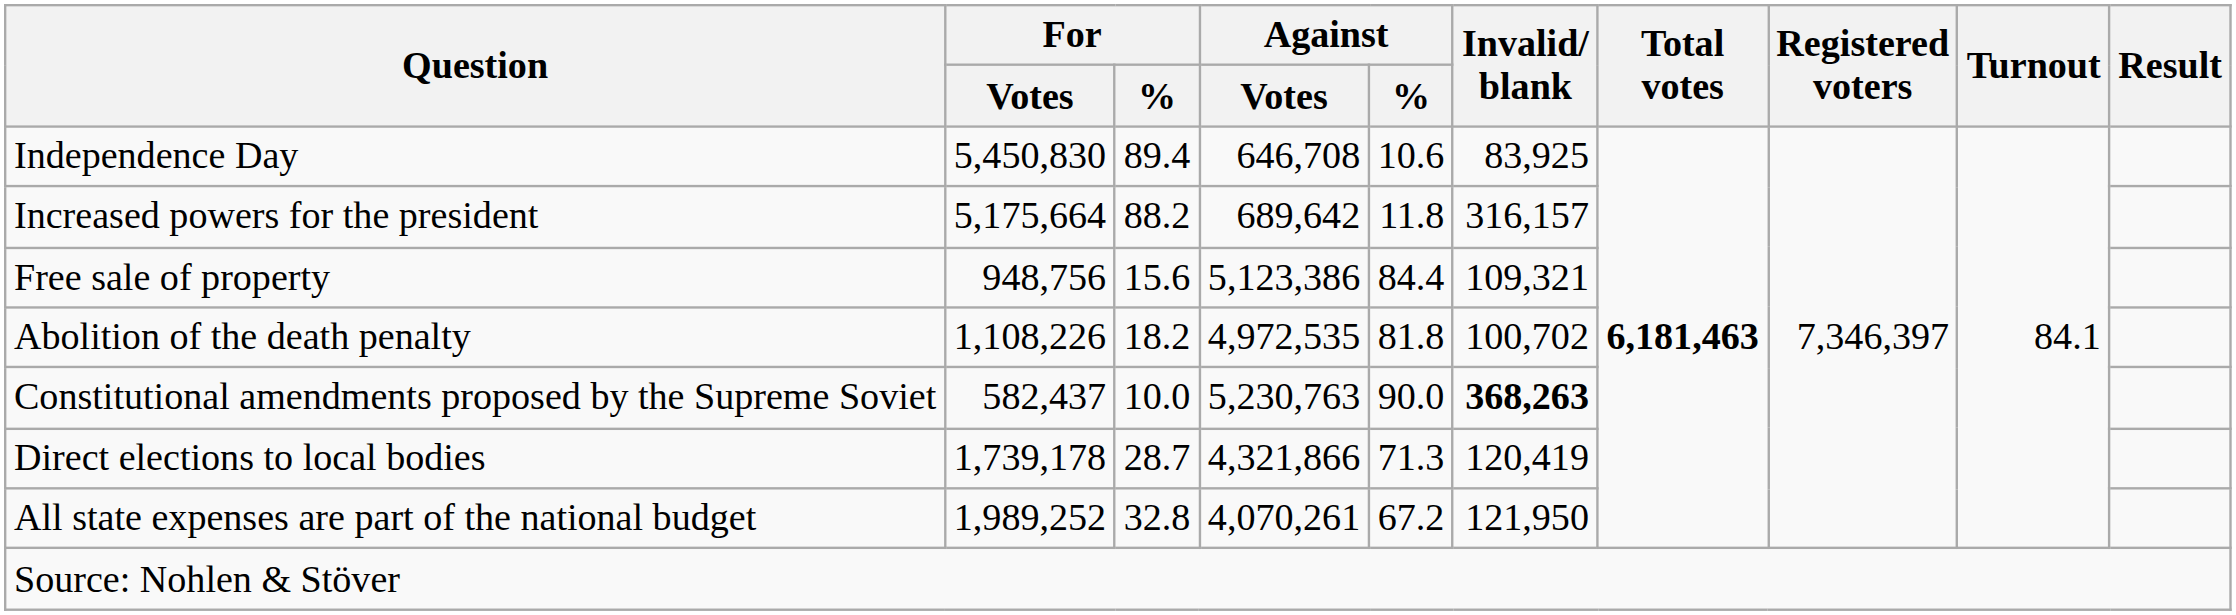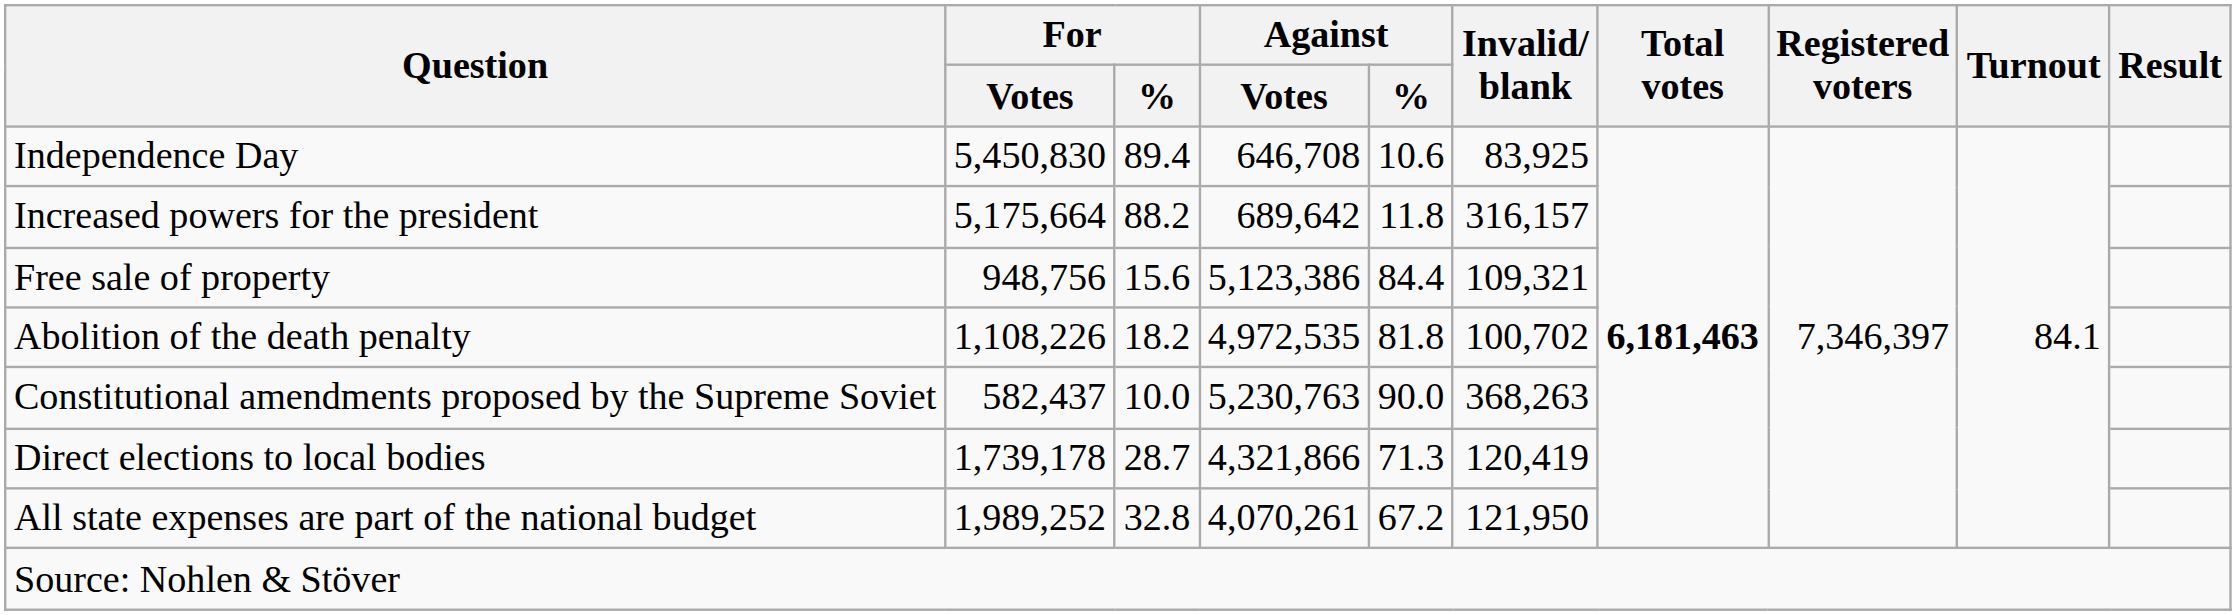 <table class=wikitable style=text-align:right>
 <tr>
 <th rowspan=2>Question</th>
 <th colspan=2>For</th>
 <th colspan=2>Against</th>
 <th rowspan=2>Invalid/<br>blank</th>
 <th rowspan=2>Total<br>votes</th>
 <th rowspan=2>Registered<br>voters</th>
 <th rowspan=2>Turnout</th>
 <th rowspan=2>Result</th>
 </tr>
 <tr>
 <th>Votes</th>
 <th>%</th>
 <th>Votes</th>
 <th>%</th>
 </tr>
 <tr>
 <td align=left>Independence Day</td>
 <td>5,450,830</td>
 <td>89.4</td>
 <td>646,708</td>
 <td>10.6</td>
 <td>83,925</td>
 <td rowspan=7><strong>6,181,463</strong></td>
 <td rowspan=7>7,346,397</td>
 <td rowspan=7>84.1</td>
 <td></td>
 </tr>
 <tr>
 <td align=left>Increased powers for the president</td>
 <td>5,175,664</td>
 <td>88.2</td>
 <td>689,642</td>
 <td>11.8</td>
 <td>316,157</td>
 <td></td>
 </tr>
 <tr>
 <td align=left>Free sale of property</td>
 <td>948,756</td>
 <td>15.6</td>
 <td>5,123,386</td>
 <td>84.4</td>
 <td>109,321</td>
 <td></td>
 </tr>
 <tr>
 <td align=left>Abolition of the death penalty</td>
 <td>1,108,226</td>
 <td>18.2</td>
 <td>4,972,535</td>
 <td>81.8</td>
 <td>100,702</td>
 <td></td>
 </tr>
 <tr>
 <td align=left>Constitutional amendments proposed by the Supreme Soviet</td>
 <td>582,437</td>
 <td>10.0</td>
 <td>5,230,763</td>
 <td>90.0</td>
-<td><strong>368,263</strong></td>
+<td>368,263</td>
 <td></td>
 </tr>
 <tr>
 <td align=left>Direct elections to local bodies</td>
 <td>1,739,178</td>
 <td>28.7</td>
 <td>4,321,866</td>
 <td>71.3</td>
 <td>120,419</td>
 <td></td>
 </tr>
 <tr>
 <td align=left>All state expenses are part of the national budget</td>
 <td>1,989,252</td>
 <td>32.8</td>
 <td>4,070,261</td>
 <td>67.2</td>
 <td>121,950</td>
 <td></td>
 </tr>
 <tr>
 <td align=left colspan=10>Source: Nohlen & Stöver</td>
 </tr>
 </table>
